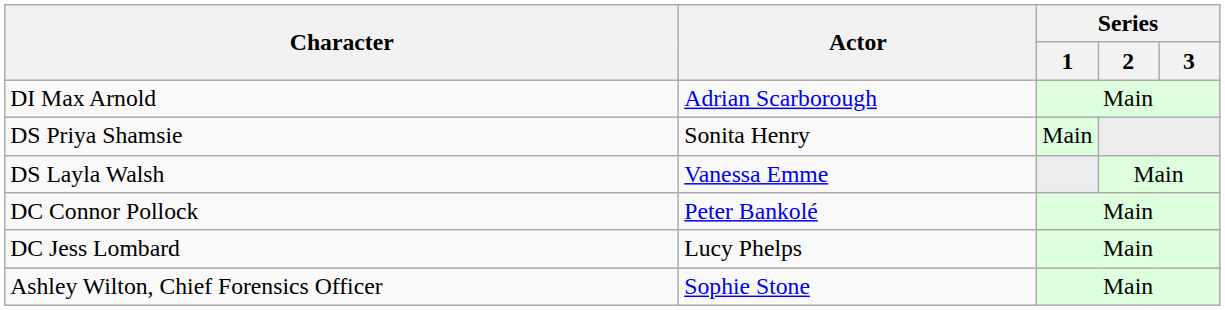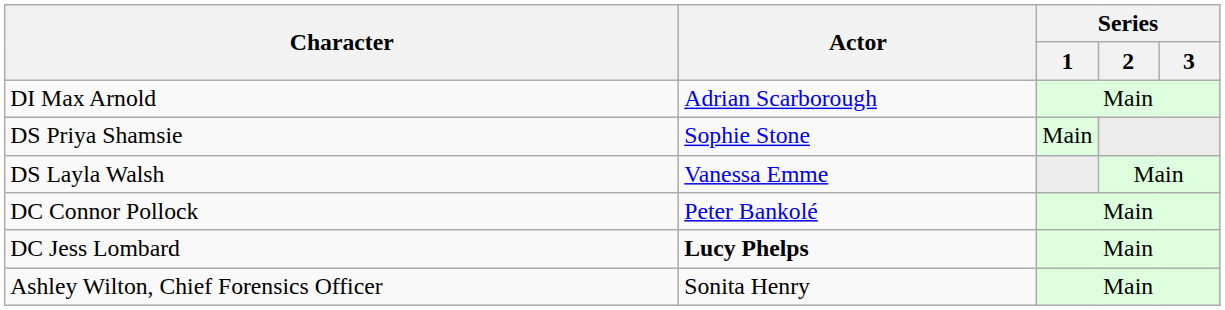 <table class="wikitable" style="width:65%;">
 <tr>
 <th rowspan="2">Character</th>
 <th rowspan="2">Actor</th>
 <th colspan="3">Series</th>
 </tr>
 <tr>
 <th style="width:5%;">1</th>
 <th style="width:5%;">2</th>
 <th style="width:5%;">3</th>
 </tr>
 <tr>
 <td>DI Max Arnold</td>
 <td><a href='#'>Adrian Scarborough</a></td>
 <td colspan="3" style="background:#dfd; text-align:center;">Main</td>
 </tr>
 <tr>
 <td>DS Priya Shamsie</td>
-<td>Sonita Henry</td>
+<td><a href='#'>Sophie Stone</a></td>
 <td colspan="1" style="background:#dfd; text-align:center;">Main</td>
 <td colspan="2" style="background:#ececec;"></td>
 </tr>
 <tr>
 <td>DS Layla Walsh</td>
 <td><a href='#'>Vanessa Emme</a></td>
 <td colspan="1" style="background:#ececec;"></td>
 <td colspan="2" style="background:#dfd; text-align:center;">Main</td>
 </tr>
 <tr>
 <td>DC Connor Pollock</td>
 <td><a href='#'>Peter Bankolé</a></td>
 <td colspan="3" style="background:#dfd; text-align:center;">Main</td>
 </tr>
 <tr>
 <td>DC Jess Lombard</td>
-<td>Lucy Phelps</td>
+<td><strong>Lucy Phelps</strong></td>
 <td colspan="3" style="background:#dfd; text-align:center;">Main</td>
 </tr>
 <tr>
 <td>Ashley Wilton, Chief Forensics Officer</td>
-<td><a href='#'>Sophie Stone</a></td>
+<td>Sonita Henry</td>
 <td colspan="3" style="background:#dfd; text-align:center;">Main</td>
 </tr>
 </table>
